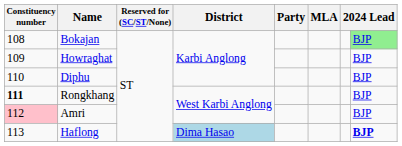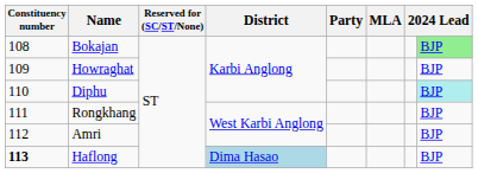 <table class="wikitable sortable">
 <tr>
 <th style="font-size:75%">Constituency<br>number</th>
 <th>Name</th>
 <th style="font-size:75%">Reserved for<br>(<a href='#'>SC</a>/<a href='#'>ST</a>/None)</th>
 <th>District</th>
 <th>Party</th>
 <th>MLA</th>
 <th colspan="2">2024 Lead</th>
 </tr>
 <tr>
 <td>108</td>
 <td><a href='#'>Bokajan</a></td>
 <td rowspan="6">ST</td>
 <td rowspan="3"><a href='#'>Karbi Anglong</a></td>
 <td></td>
 <td></td>
 <td style="background-color: "></td>
 <td style="background: lightgreen;"><a href='#'>BJP</a></td>
 </tr>
 <tr>
 <td>109</td>
 <td><a href='#'>Howraghat</a></td>
 <td></td>
 <td></td>
 <td style="background-color: "></td>
 <td><a href='#'>BJP</a></td>
 </tr>
 <tr>
 <td>110</td>
 <td><a href='#'>Diphu</a></td>
 <td></td>
 <td></td>
 <td style="background-color: "></td>
-<td><a href='#'>BJP</a></td>
+<td style="background: paleturquoise;"><a href='#'>BJP</a></td>
 </tr>
 <tr>
-<td><strong>111</strong></td>
+<td>111</td>
 <td>Rongkhang</td>
 <td rowspan="2"><a href='#'>West Karbi Anglong</a></td>
 <td></td>
 <td></td>
 <td style="background-color: "></td>
 <td><a href='#'>BJP</a></td>
 </tr>
 <tr>
-<td style="background: pink;">112</td>
+<td>112</td>
 <td>Amri</td>
 <td></td>
 <td></td>
 <td style="background-color: "></td>
 <td><a href='#'>BJP</a></td>
 </tr>
 <tr>
-<td>113</td>
+<td><strong>113</strong></td>
 <td><a href='#'>Haflong</a></td>
 <td style="background: lightblue;"><a href='#'>Dima Hasao</a></td>
 <td></td>
 <td></td>
 <td style="background-color: "></td>
-<td><strong><a href='#'>BJP</a></strong></td>
+<td><a href='#'>BJP</a></td>
 </tr>
 </table>
